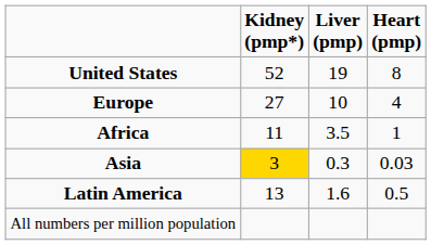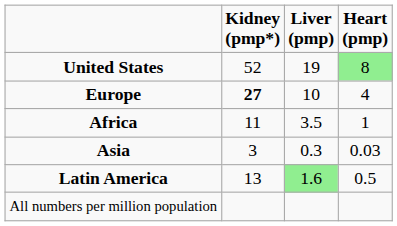 <table class="wikitable" style="float: right; margin-left:15px; text-align:center">
 <tr>
 <td></td>
 <td><strong>Kidney</strong><br><strong>(pmp*)</strong></td>
 <td><strong>Liver</strong><br><strong>(pmp)</strong></td>
 <td><strong>Heart</strong><br><strong>(pmp)</strong></td>
 </tr>
 <tr>
 <td><strong>United States</strong></td>
 <td>52</td>
 <td>19</td>
-<td>8</td>
+<td style="background: lightgreen;">8</td>
 </tr>
 <tr>
 <td><strong>Europe</strong></td>
-<td>27</td>
+<td><strong>27</strong></td>
 <td>10</td>
 <td>4</td>
 </tr>
 <tr>
 <td><strong>Africa</strong></td>
 <td>11</td>
 <td>3.5</td>
 <td>1</td>
 </tr>
 <tr>
 <td><strong>Asia</strong></td>
-<td style="background: gold;">3</td>
+<td>3</td>
 <td>0.3</td>
 <td>0.03</td>
 </tr>
 <tr>
 <td><strong>Latin America</strong></td>
 <td>13</td>
-<td>1.6</td>
+<td style="background: lightgreen;">1.6</td>
 <td>0.5</td>
 </tr>
 <tr>
 <td><small>All numbers per million population</small></td>
 <td></td>
 <td></td>
 <td></td>
 </tr>
 </table>
